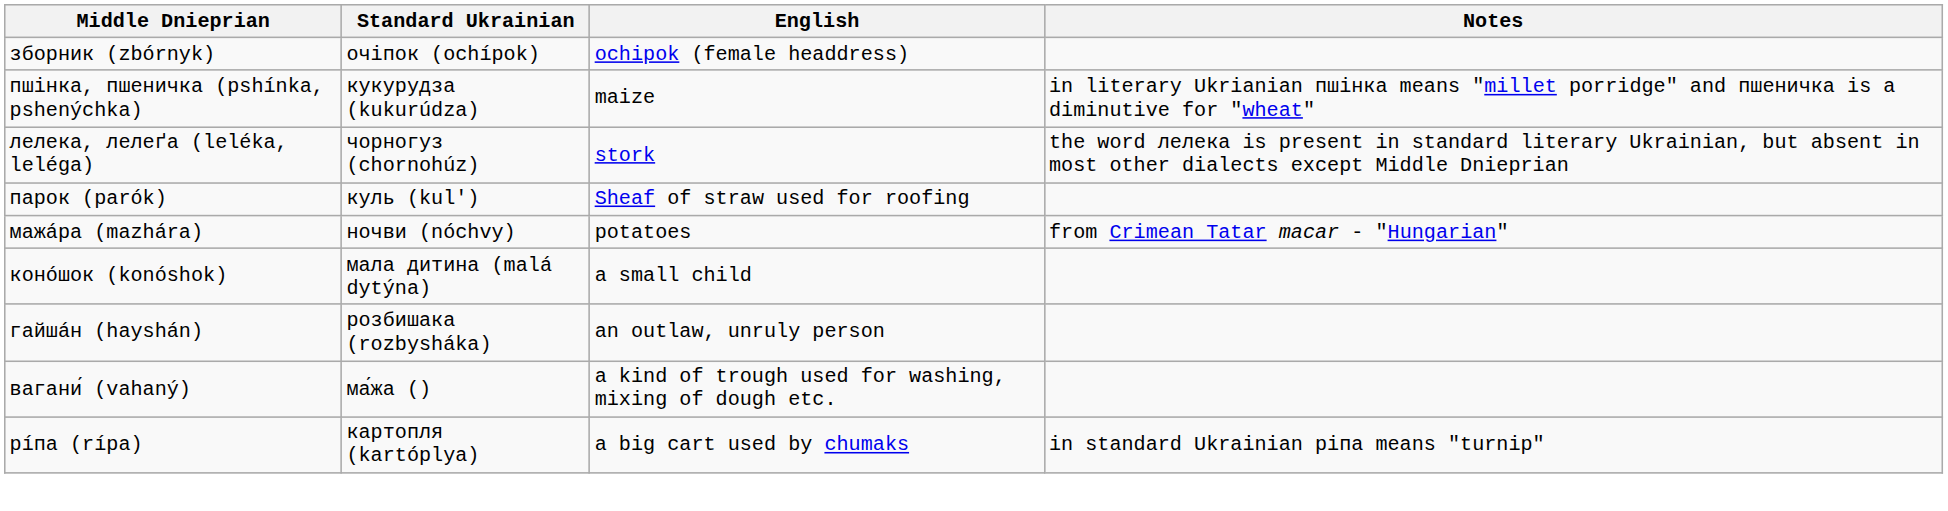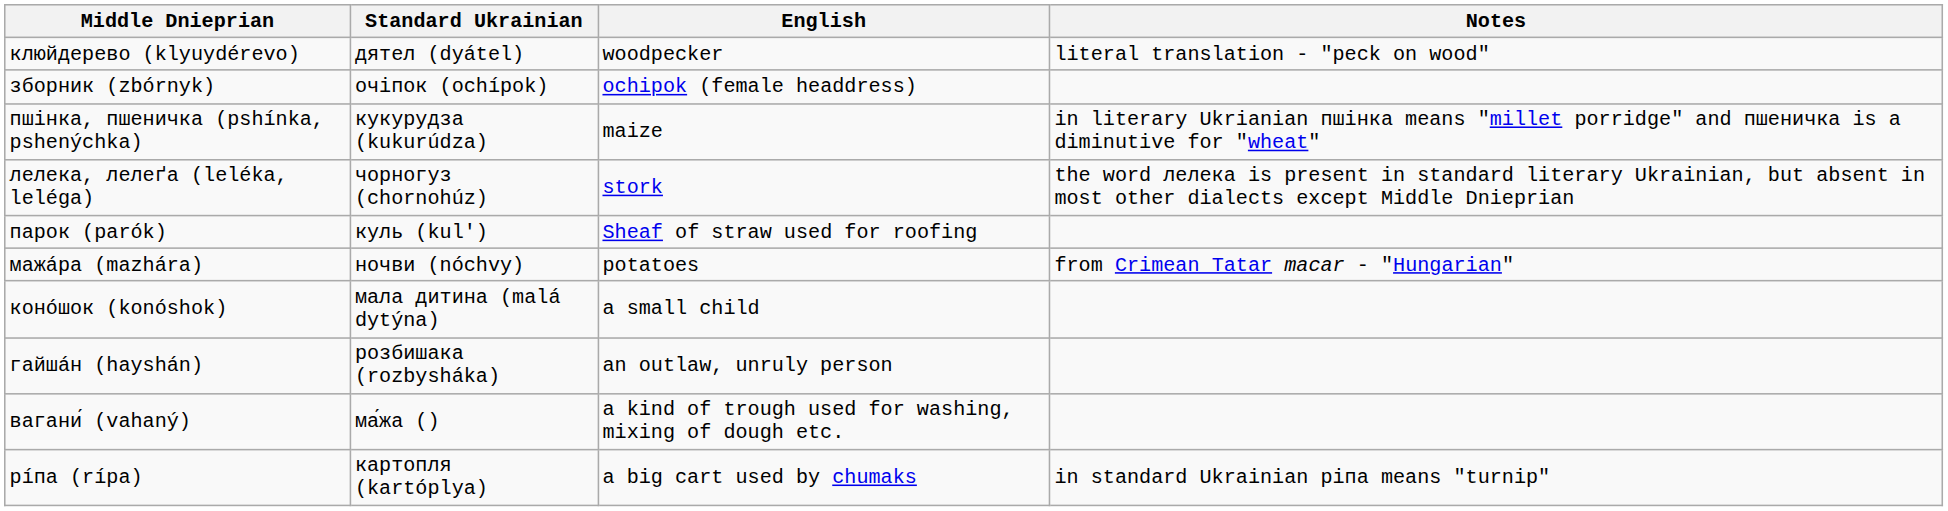 <table table class="wikitable">
 <tr>
 <th>Middle Dnieprian</th>
 <th>Standard Ukrainian</th>
 <th>English</th>
 <th>Notes</th>
+</tr>
+<tr>
+<td>клюйдерево (klyuydérevo)</td>
+<td>дятел (dyátel)</td>
+<td>woodpecker</td>
+<td>literal translation - "peck on wood"</td>
 </tr>
 <tr>
 <td>зборник (zbórnyk)</td>
 <td>очіпок (ochípok)</td>
 <td><a href='#'>ochipok</a> (female headdress)</td>
 <td></td>
 </tr>
 <tr>
 <td>пшінка, пшеничка (pshínka, pshenýchka)</td>
 <td>кукурудза (kukurúdza)</td>
 <td>maize</td>
 <td>in literary Ukrianian пшінка means "<a href='#'>millet</a> porridge" and пшеничка is a diminutive for "<a href='#'>wheat</a>"</td>
 </tr>
 <tr>
 <td>лелека, лелеґа (leléka, leléga)</td>
 <td>чорногуз (chornohúz)</td>
 <td><a href='#'>stork</a></td>
 <td>the word лелека is present in standard literary Ukrainian, but absent in most other dialects except Middle Dnieprian</td>
 </tr>
 <tr>
 <td>парок (parók)</td>
 <td>куль (kul')</td>
 <td><a href='#'>Sheaf</a> of straw used for roofing</td>
 <td></td>
 </tr>
 <tr>
 <td>мажáра (mazhára)</td>
 <td>ночви (nóchvy)</td>
 <td>potatoes</td>
 <td>from <a href='#'>Crimean Tatar</a> <em>macar</em> - "<a href='#'>Hungarian</a>"</td>
 </tr>
 <tr>
 <td>конóшок (konóshok)</td>
 <td>мала дитина (malá dytýna)</td>
 <td>a small child</td>
 <td></td>
 </tr>
 <tr>
 <td>гайшáн (hayshán)</td>
 <td>розбишака (rozbysháka)</td>
 <td>an outlaw, unruly person</td>
 <td></td>
 </tr>
 <tr>
 <td>вагани́ (vahaný)</td>
 <td>ма́жа ()</td>
 <td>a kind of trough used for washing, mixing of dough etc.</td>
 <td></td>
 </tr>
 <tr>
 <td>рíпа (rípa)</td>
 <td>картопля (kartóplya)</td>
 <td>a big cart used by <a href='#'>chumaks</a></td>
 <td>in standard Ukrainian ріпа means "turnip"</td>
 </tr>
 </table>
